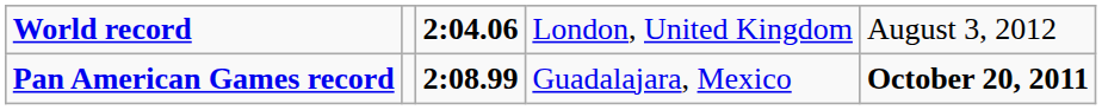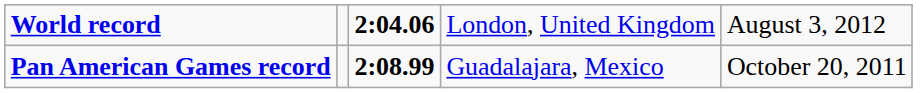 <table class="wikitable">
 <tr>
 <td><strong><a href='#'>World record</a></strong></td>
 <td></td>
 <td><strong>2:04.06</strong></td>
 <td><a href='#'>London</a>, <a href='#'>United Kingdom</a></td>
 <td>August 3, 2012</td>
 </tr>
 <tr>
 <td><strong><a href='#'>Pan American Games record</a></strong></td>
 <td></td>
 <td><strong>2:08.99</strong></td>
 <td><a href='#'>Guadalajara</a>, <a href='#'>Mexico</a></td>
-<td><strong>October 20, 2011</strong></td>
+<td>October 20, 2011</td>
 </tr>
 </table>
